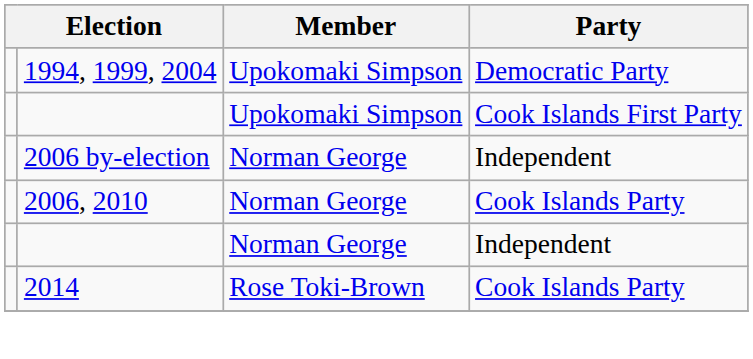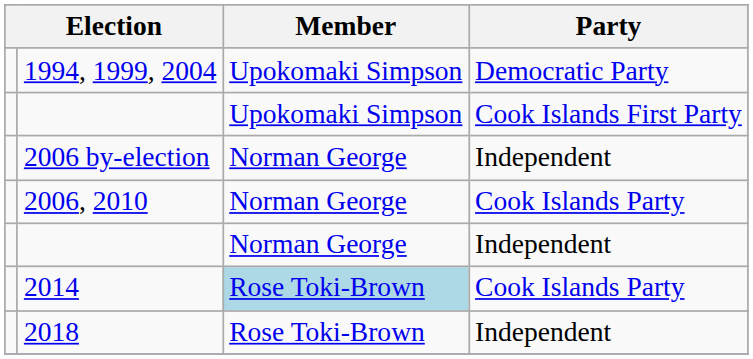 <table class="wikitable">
 <tr>
 <th colspan="2">Election</th>
 <th>Member</th>
 <th>Party</th>
 </tr>
 <tr>
 <td style="background-color: "></td>
 <td><a href='#'>1994</a>, <a href='#'>1999</a>, <a href='#'>2004</a></td>
 <td><a href='#'>Upokomaki Simpson</a></td>
 <td><a href='#'>Democratic Party</a></td>
 </tr>
 <tr>
 <td style="background-color: "></td>
 <td></td>
 <td><a href='#'>Upokomaki Simpson</a></td>
 <td><a href='#'>Cook Islands First Party</a></td>
 </tr>
 <tr>
 <td style="background-color: "></td>
 <td><a href='#'>2006 by-election</a></td>
 <td><a href='#'>Norman George</a></td>
 <td>Independent</td>
 </tr>
 <tr>
 <td style="background-color: "></td>
 <td><a href='#'>2006</a>, <a href='#'>2010</a></td>
 <td><a href='#'>Norman George</a></td>
 <td><a href='#'>Cook Islands Party</a></td>
 </tr>
 <tr>
 <td style="background-color: "></td>
 <td></td>
 <td><a href='#'>Norman George</a></td>
 <td>Independent</td>
 </tr>
 <tr>
 <td style="background-color: "></td>
 <td><a href='#'>2014</a></td>
+<td style="background: lightblue;"><a href='#'>Rose Toki-Brown</a></td>
+<td><a href='#'>Cook Islands Party</a></td>
+</tr>
+<tr>
+<td style="background-color: "></td>
+<td><a href='#'>2018</a></td>
 <td><a href='#'>Rose Toki-Brown</a></td>
-<td><a href='#'>Cook Islands Party</a></td>
+<td>Independent</td>
 </tr>
 <tr>
 </tr>
 </table>
